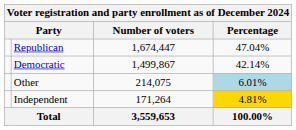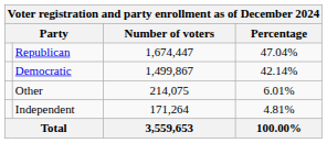 <table class="wikitable">
 <tr>
 <th colspan="6">Voter registration and party enrollment as of December 2024</th>
 </tr>
 <tr>
 <th colspan="2">Party</th>
 <th>Number of voters</th>
 <th>Percentage</th>
 </tr>
 <tr>
 <td></td>
 <td><a href='#'>Republican</a></td>
 <td style="text-align:center;">1,674,447</td>
 <td style="text-align:center;">47.04%</td>
 </tr>
 <tr>
 <td></td>
 <td><a href='#'>Democratic</a></td>
 <td style="text-align:center;">1,499,867</td>
 <td style="text-align:center;">42.14%</td>
 </tr>
 <tr>
 <td></td>
 <td>Other</td>
 <td style="text-align:center;">214,075</td>
-<td style="background: lightblue; text-align:center;">6.01%</td>
+<td style="text-align:center;">6.01%</td>
 </tr>
 <tr>
 <td></td>
 <td>Independent</td>
 <td style="text-align:center;">171,264</td>
-<td style="background: gold; text-align:center;">4.81%</td>
+<td style="text-align:center;">4.81%</td>
 </tr>
 <tr>
 <th colspan="2">Total</th>
 <th style="text-align:center;">3,559,653</th>
 <th style="text-align:center;">100.00%</th>
 </tr>
 </table>
